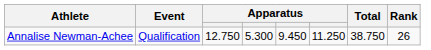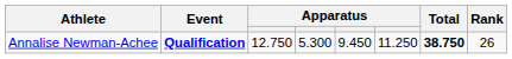 <table class=wikitable style=font-size:90%;text-align:center>
 <tr>
 <th rowspan=2>Athlete</th>
 <th rowspan=2>Event</th>
 <th colspan=4>Apparatus</th>
 <th rowspan=2>Total</th>
 <th rowspan=2>Rank</th>
 </tr>
 <tr style=font-size:95%>
 <th></th>
 <th></th>
 <th></th>
 <th></th>
 </tr>
 <tr>
 <td align=left><a href='#'>Annalise Newman-Achee</a></td>
-<td align=left><a href='#'>Qualification</a></td>
+<td align=left><strong><a href='#'>Qualification</a></strong></td>
 <td>12.750</td>
 <td>5.300</td>
 <td>9.450</td>
 <td>11.250</td>
-<td>38.750</td>
+<td><strong>38.750</strong></td>
 <td>26</td>
 </tr>
 </table>
